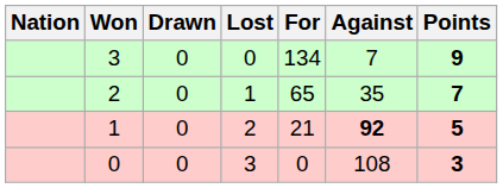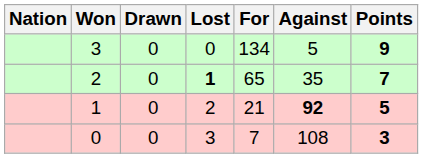 <table class="wikitable" style="text-align: center;">
 <tr>
 <th>Nation</th>
 <th>Won</th>
 <th>Drawn</th>
 <th>Lost</th>
 <th>For</th>
 <th>Against</th>
 <th>Points</th>
 </tr>
 <tr bgcolor=ccffcc>
 <td align="left"></td>
 <td>3</td>
 <td>0</td>
 <td>0</td>
 <td>134</td>
-<td>7</td>
+<td>5</td>
 <td><strong>9</strong></td>
 </tr>
 <tr bgcolor=ccffcc>
 <td align="left"></td>
 <td>2</td>
 <td>0</td>
-<td>1</td>
+<td><strong>1</strong></td>
 <td>65</td>
 <td>35</td>
 <td><strong>7</strong></td>
 </tr>
 <tr style="background:#fcc">
 <td align="left"></td>
 <td>1</td>
 <td>0</td>
 <td>2</td>
 <td>21</td>
 <td><strong>92</strong></td>
 <td><strong>5</strong></td>
 </tr>
 <tr style="background:#fcc">
 <td align="left"></td>
 <td>0</td>
 <td>0</td>
 <td>3</td>
-<td>0</td>
+<td>7</td>
 <td>108</td>
 <td><strong>3</strong></td>
 </tr>
 </table>
